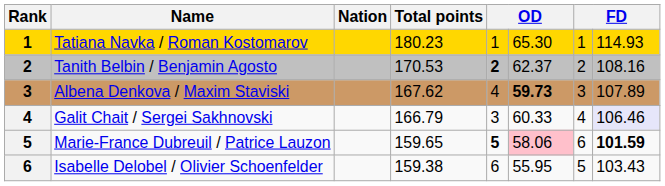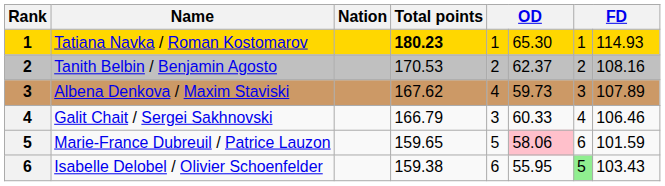 <table class="wikitable">
 <tr>
 <th>Rank</th>
 <th>Name</th>
 <th>Nation</th>
 <th>Total points</th>
 <th colspan="2" width="80px"><a href='#'>OD</a></th>
 <th colspan="2" width="80px"><a href='#'>FD</a></th>
 </tr>
 <tr bgcolor="gold">
 <td align="center"><strong>1</strong></td>
 <td><a href='#'>Tatiana Navka</a> / <a href='#'>Roman Kostomarov</a></td>
 <td></td>
-<td>180.23</td>
+<td><strong>180.23</strong></td>
 <td>1</td>
 <td>65.30</td>
 <td>1</td>
 <td>114.93</td>
 </tr>
 <tr bgcolor="silver">
 <td align="center"><strong>2</strong></td>
 <td><a href='#'>Tanith Belbin</a> / <a href='#'>Benjamin Agosto</a></td>
 <td></td>
 <td>170.53</td>
-<td><strong>2</strong></td>
+<td>2</td>
 <td>62.37</td>
 <td>2</td>
 <td>108.16</td>
 </tr>
 <tr bgcolor="cc9966">
 <td align="center"><strong>3</strong></td>
 <td><a href='#'>Albena Denkova</a> / <a href='#'>Maxim Staviski</a></td>
 <td></td>
 <td>167.62</td>
 <td>4</td>
-<td><strong>59.73</strong></td>
+<td>59.73</td>
 <td>3</td>
 <td>107.89</td>
 </tr>
 <tr>
 <th>4</th>
 <td><a href='#'>Galit Chait</a> / <a href='#'>Sergei Sakhnovski</a></td>
 <td></td>
 <td>166.79</td>
 <td>3</td>
 <td>60.33</td>
 <td>4</td>
-<td style="background: lavender;">106.46</td>
+<td>106.46</td>
 </tr>
 <tr>
 <th>5</th>
 <td><a href='#'>Marie-France Dubreuil</a> / <a href='#'>Patrice Lauzon</a></td>
 <td></td>
 <td>159.65</td>
-<td><strong>5</strong></td>
+<td>5</td>
 <td style="background: pink;">58.06</td>
 <td>6</td>
-<td><strong>101.59</strong></td>
+<td>101.59</td>
 </tr>
 <tr>
 <th>6</th>
 <td><a href='#'>Isabelle Delobel</a> / <a href='#'>Olivier Schoenfelder</a></td>
 <td></td>
 <td>159.38</td>
 <td>6</td>
 <td>55.95</td>
-<td>5</td>
+<td style="background: lightgreen;">5</td>
 <td>103.43</td>
 </tr>
 </table>
